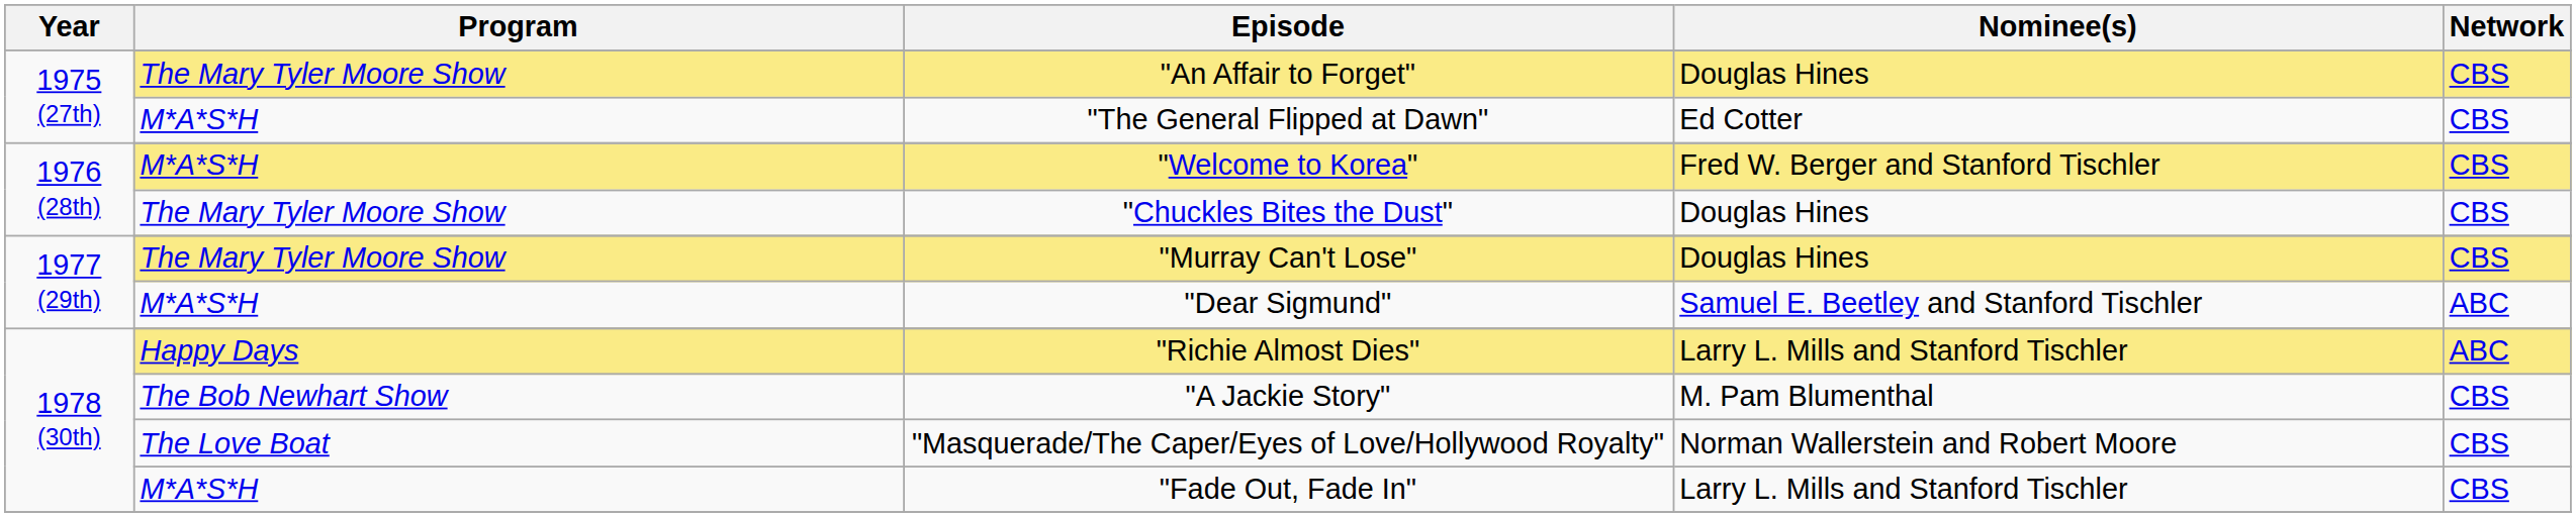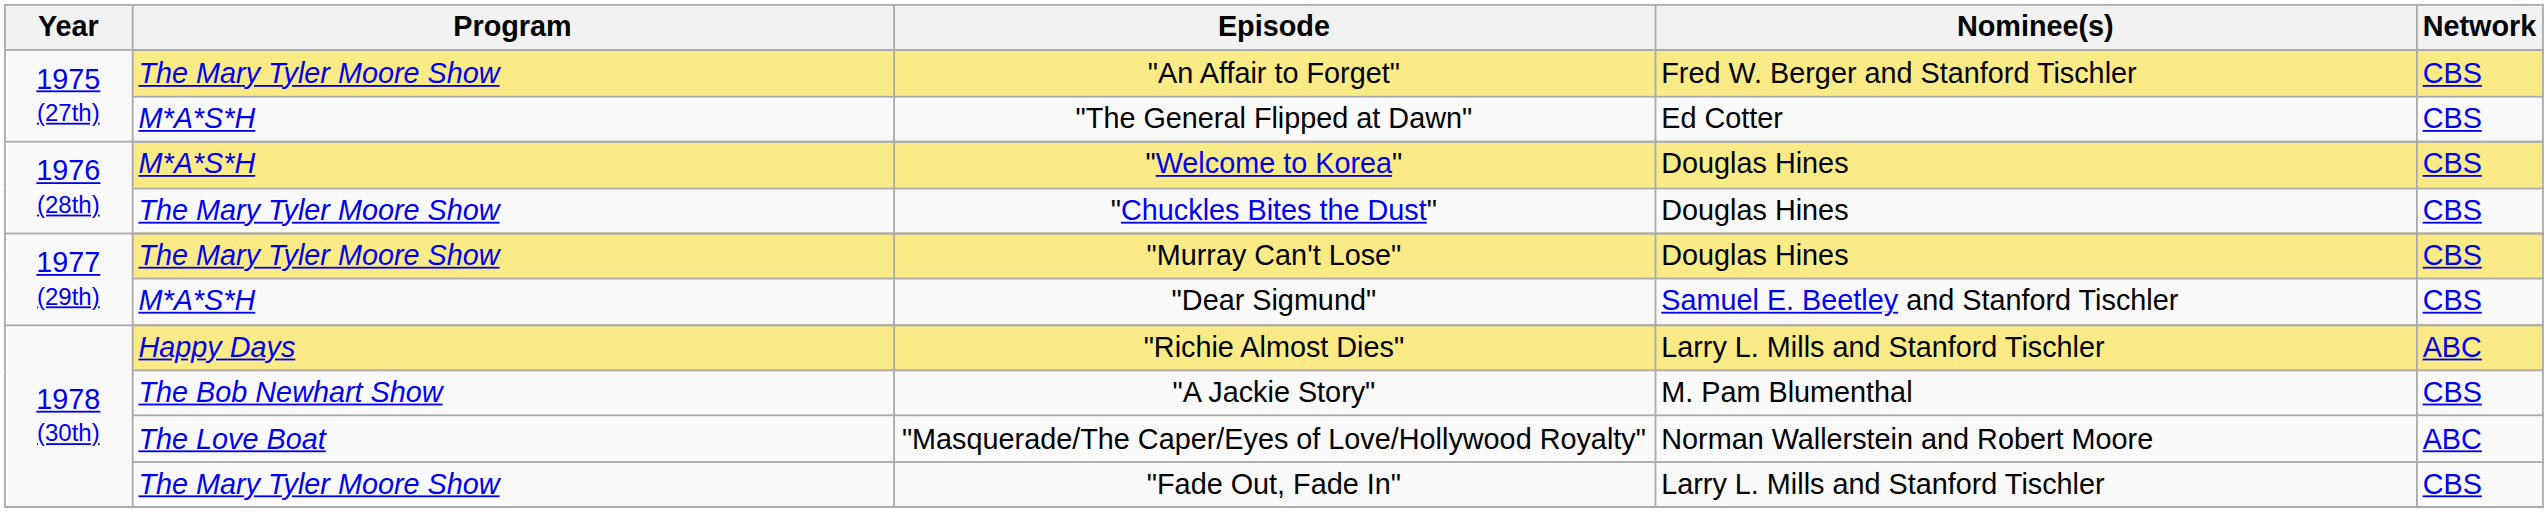 <table class="wikitable">
 <tr>
 <th width="5%">Year</th>
 <th width="30%">Program</th>
 <th width="30%">Episode</th>
 <th width="30%">Nominee(s)</th>
 <th width="5%">Network</th>
 </tr>
 <tr>
 <td rowspan=3 style="text-align:center;"><a href='#'>1975</a><br><small><a href='#'>(27th)</a></small><br></td>
 </tr>
 <tr style="background:#FAEB86;">
 <td><em><a href='#'>The Mary Tyler Moore Show</a></em></td>
 <td align=center>"An Affair to Forget"</td>
-<td>Douglas Hines</td>
+<td>Fred W. Berger and Stanford Tischler</td>
 <td><a href='#'>CBS</a></td>
 </tr>
 <tr>
 <td><em><a href='#'>M*A*S*H</a></em></td>
 <td align=center>"The General Flipped at Dawn"</td>
 <td>Ed Cotter</td>
 <td><a href='#'>CBS</a></td>
 </tr>
 <tr>
 <td rowspan=3 style="text-align:center;"><a href='#'>1976</a><br><small><a href='#'>(28th)</a></small><br></td>
 </tr>
 <tr style="background:#FAEB86;">
 <td><em><a href='#'>M*A*S*H</a></em></td>
 <td align=center>"<a href='#'>Welcome to Korea</a>"</td>
-<td>Fred W. Berger and Stanford Tischler</td>
+<td>Douglas Hines</td>
 <td><a href='#'>CBS</a></td>
 </tr>
 <tr>
 <td><em><a href='#'>The Mary Tyler Moore Show</a></em></td>
 <td align=center>"<a href='#'>Chuckles Bites the Dust</a>"</td>
 <td>Douglas Hines</td>
 <td><a href='#'>CBS</a></td>
 </tr>
 <tr>
 <td rowspan=3 style="text-align:center;"><a href='#'>1977</a><br><small><a href='#'>(29th)</a></small><br></td>
 </tr>
 <tr style="background:#FAEB86;">
 <td><em><a href='#'>The Mary Tyler Moore Show</a></em></td>
 <td align=center>"Murray Can't Lose"</td>
 <td>Douglas Hines</td>
 <td><a href='#'>CBS</a></td>
 </tr>
 <tr>
 <td><em><a href='#'>M*A*S*H</a></em></td>
 <td align=center>"Dear Sigmund"</td>
 <td><a href='#'>Samuel E. Beetley</a> and Stanford Tischler</td>
-<td><a href='#'>ABC</a></td>
+<td><a href='#'>CBS</a></td>
 </tr>
 <tr>
 <td rowspan=5 style="text-align:center;"><a href='#'>1978</a><br><small><a href='#'>(30th)</a></small><br></td>
 </tr>
 <tr style="background:#FAEB86;">
 <td><em><a href='#'>Happy Days</a></em></td>
 <td align=center>"Richie Almost Dies"</td>
 <td>Larry L. Mills and Stanford Tischler</td>
 <td><a href='#'>ABC</a></td>
 </tr>
 <tr>
 <td><em><a href='#'>The Bob Newhart Show</a></em></td>
 <td align=center>"A Jackie Story"</td>
 <td>M. Pam Blumenthal</td>
 <td><a href='#'>CBS</a></td>
 </tr>
 <tr>
 <td><em><a href='#'>The Love Boat</a></em></td>
 <td align=center>"Masquerade/The Caper/Eyes of Love/Hollywood Royalty"</td>
 <td>Norman Wallerstein and Robert Moore</td>
-<td><a href='#'>CBS</a></td>
+<td><a href='#'>ABC</a></td>
 </tr>
 <tr>
-<td><em><a href='#'>M*A*S*H</a></em></td>
+<td><em><a href='#'>The Mary Tyler Moore Show</a></em></td>
 <td align=center>"Fade Out, Fade In"</td>
 <td>Larry L. Mills and Stanford Tischler</td>
 <td><a href='#'>CBS</a></td>
 </tr>
 <tr>
 </tr>
 </table>
